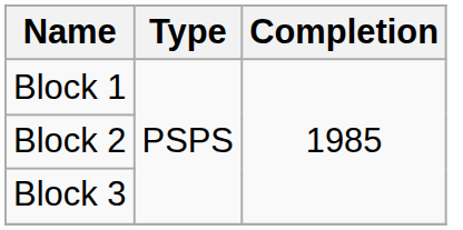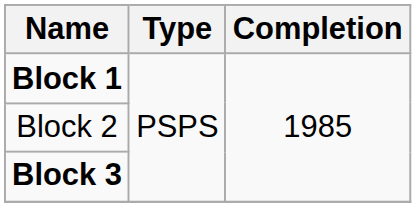 <table class="wikitable" style="text-align: center">
 <tr>
 <th>Name</th>
 <th>Type</th>
 <th>Completion</th>
 </tr>
 <tr>
-<td>Block 1</td>
+<td><strong>Block 1</strong></td>
 <td rowspan="3">PSPS</td>
 <td rowspan="3">1985</td>
 </tr>
 <tr>
 <td>Block 2</td>
 </tr>
 <tr>
-<td>Block 3</td>
+<td><strong>Block 3</strong></td>
 </tr>
 <tr>
 </tr>
 </table>
